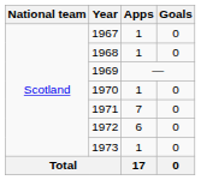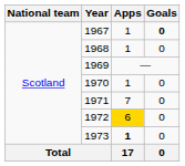 <table class="wikitable" style="text-align:center">
 <tr>
 <th>National team</th>
 <th>Year</th>
 <th>Apps</th>
 <th>Goals</th>
 </tr>
 <tr>
 <td rowspan="7"><a href='#'>Scotland</a></td>
 <td>1967</td>
 <td>1</td>
-<td>0</td>
+<td><strong>0</strong></td>
 </tr>
 <tr>
 <td>1968</td>
 <td>1</td>
 <td>0</td>
 </tr>
 <tr>
 <td>1969</td>
 <td colspan="2">—</td>
 </tr>
 <tr>
 <td>1970</td>
 <td>1</td>
 <td>0</td>
 </tr>
 <tr>
 <td>1971</td>
 <td>7</td>
 <td>0</td>
 </tr>
 <tr>
 <td>1972</td>
-<td>6</td>
+<td style="background: gold;">6</td>
 <td>0</td>
 </tr>
 <tr>
 <td>1973</td>
-<td>1</td>
+<td><strong>1</strong></td>
 <td>0</td>
 </tr>
 <tr>
 <th colspan="2">Total</th>
 <th>17</th>
 <th>0</th>
 </tr>
 </table>
